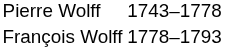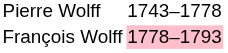 <table>
 <tr>
 <td>Pierre Wolff</td>
 <td>1743–1778</td>
 </tr>
 <tr>
 <td>François Wolff</td>
-<td>1778–1793</td>
+<td style="background: pink;">1778–1793</td>
 </tr>
 </table>
